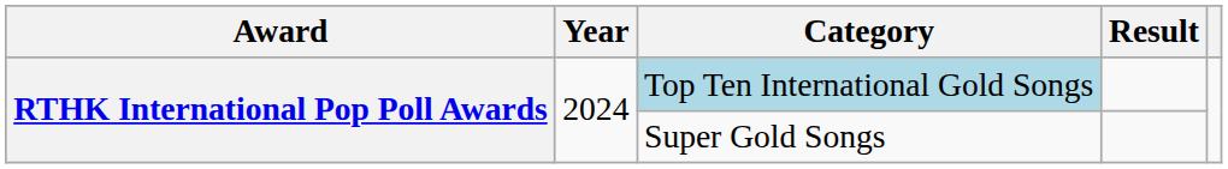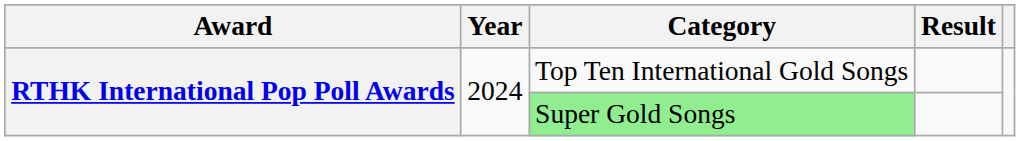 <table class="wikitable plainrowheaders"style="border:none; margin:0;">
 <tr>
 <th scope="col">Award</th>
 <th scope="col">Year</th>
 <th scope="col">Category</th>
 <th scope="col">Result</th>
 <th scope="col" class="unsortable"></th>
 </tr>
 <tr>
 <th rowspan="2" scope="row"><a href='#'>RTHK International Pop Poll Awards</a></th>
 <td rowspan="2">2024</td>
-<td style="background: lightblue;">Top Ten International Gold Songs</td>
+<td>Top Ten International Gold Songs</td>
 <td></td>
 <td rowspan="2"></td>
 </tr>
 <tr>
-<td>Super Gold Songs</td>
+<td style="background: lightgreen;">Super Gold Songs</td>
 <td></td>
 </tr>
 </table>
